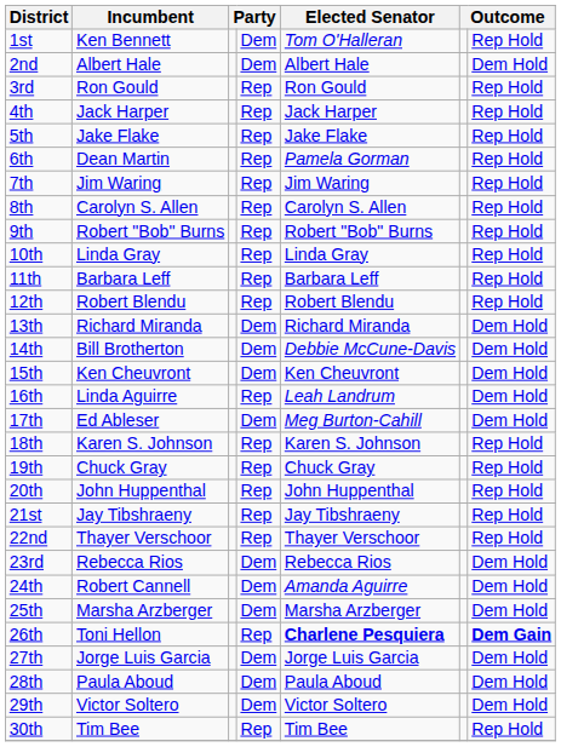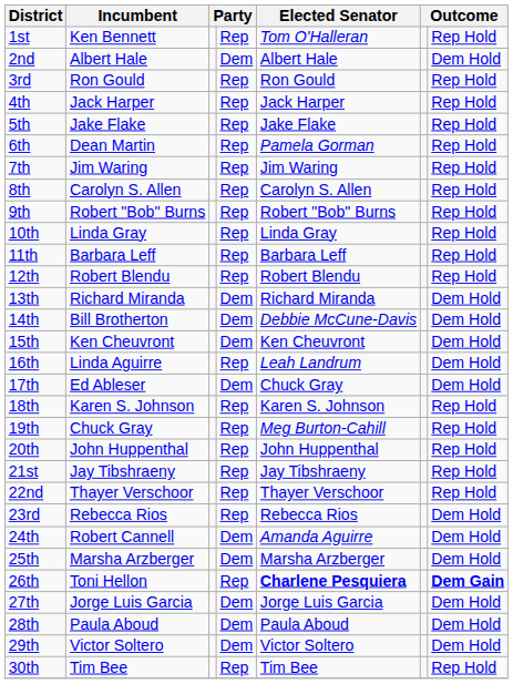 <table class="sortable wikitable" style="font-size:95%;line-height:14px;">
 <tr>
 <th>District</th>
 <th>Incumbent</th>
 <th colspan="2">Party</th>
 <th>Elected Senator</th>
 <th colspan="2">Outcome</th>
 </tr>
 <tr>
 <td><a href='#'>1st</a></td>
 <td><a href='#'>Ken Bennett</a></td>
 <td style="background:"></td>
-<td><a href='#'>Dem</a></td>
+<td><a href='#'>Rep</a></td>
 <td><em><a href='#'>Tom O'Halleran</a></em></td>
 <td style="background:"></td>
 <td><a href='#'>Rep Hold</a></td>
 </tr>
 <tr>
 <td><a href='#'>2nd</a></td>
 <td><a href='#'>Albert Hale</a></td>
 <td style="background:"></td>
 <td><a href='#'>Dem</a></td>
 <td><a href='#'>Albert Hale</a></td>
 <td style="background:"></td>
 <td><a href='#'>Dem Hold</a></td>
 </tr>
 <tr>
 <td><a href='#'>3rd</a></td>
 <td><a href='#'>Ron Gould</a></td>
 <td style="background:"></td>
 <td><a href='#'>Rep</a></td>
 <td><a href='#'>Ron Gould</a></td>
 <td style="background:"></td>
 <td><a href='#'>Rep Hold</a></td>
 </tr>
 <tr>
 <td><a href='#'>4th</a></td>
 <td><a href='#'>Jack Harper</a></td>
 <td style="background:"></td>
 <td><a href='#'>Rep</a></td>
 <td><a href='#'>Jack Harper</a></td>
 <td style="background:"></td>
 <td><a href='#'>Rep Hold</a></td>
 </tr>
 <tr>
 <td><a href='#'>5th</a></td>
 <td><a href='#'>Jake Flake</a></td>
 <td style="background:"></td>
 <td><a href='#'>Rep</a></td>
 <td><a href='#'>Jake Flake</a></td>
 <td style="background:"></td>
 <td><a href='#'>Rep Hold</a></td>
 </tr>
 <tr>
 <td><a href='#'>6th</a></td>
 <td><a href='#'>Dean Martin</a></td>
 <td style="background:"></td>
 <td><a href='#'>Rep</a></td>
 <td><em><a href='#'>Pamela Gorman</a></em></td>
 <td style="background:"></td>
 <td><a href='#'>Rep Hold</a></td>
 </tr>
 <tr>
 <td><a href='#'>7th</a></td>
 <td><a href='#'>Jim Waring</a></td>
 <td style="background:"></td>
 <td><a href='#'>Rep</a></td>
 <td><a href='#'>Jim Waring</a></td>
 <td style="background:"></td>
 <td><a href='#'>Rep Hold</a></td>
 </tr>
 <tr>
 <td><a href='#'>8th</a></td>
 <td><a href='#'>Carolyn S. Allen</a></td>
 <td style="background:"></td>
 <td><a href='#'>Rep</a></td>
 <td><a href='#'>Carolyn S. Allen</a></td>
 <td style="background:"></td>
 <td><a href='#'>Rep Hold</a></td>
 </tr>
 <tr>
 <td><a href='#'>9th</a></td>
 <td><a href='#'>Robert "Bob" Burns</a></td>
 <td style="background:"></td>
 <td><a href='#'>Rep</a></td>
 <td><a href='#'>Robert "Bob" Burns</a></td>
 <td style="background:"></td>
 <td><a href='#'>Rep Hold</a></td>
 </tr>
 <tr>
 <td><a href='#'>10th</a></td>
 <td><a href='#'>Linda Gray</a></td>
 <td style="background:"></td>
 <td><a href='#'>Rep</a></td>
 <td><a href='#'>Linda Gray</a></td>
 <td style="background:"></td>
 <td><a href='#'>Rep Hold</a></td>
 </tr>
 <tr>
 <td><a href='#'>11th</a></td>
 <td><a href='#'>Barbara Leff</a></td>
 <td style="background:"></td>
 <td><a href='#'>Rep</a></td>
 <td><a href='#'>Barbara Leff</a></td>
 <td style="background:"></td>
 <td><a href='#'>Rep Hold</a></td>
 </tr>
 <tr>
 <td><a href='#'>12th</a></td>
 <td><a href='#'>Robert Blendu</a></td>
 <td style="background:"></td>
 <td><a href='#'>Rep</a></td>
 <td><a href='#'>Robert Blendu</a></td>
 <td style="background:"></td>
 <td><a href='#'>Rep Hold</a></td>
 </tr>
 <tr>
 <td><a href='#'>13th</a></td>
 <td><a href='#'>Richard Miranda</a></td>
 <td style="background:"></td>
 <td><a href='#'>Dem</a></td>
 <td><a href='#'>Richard Miranda</a></td>
 <td style="background:"></td>
 <td><a href='#'>Dem Hold</a></td>
 </tr>
 <tr>
 <td><a href='#'>14th</a></td>
 <td><a href='#'>Bill Brotherton</a></td>
 <td style="background:"></td>
 <td><a href='#'>Dem</a></td>
 <td><em><a href='#'>Debbie McCune-Davis</a></em></td>
 <td style="background:"></td>
 <td><a href='#'>Dem Hold</a></td>
 </tr>
 <tr>
 <td><a href='#'>15th</a></td>
 <td><a href='#'>Ken Cheuvront</a></td>
 <td style="background:"></td>
 <td><a href='#'>Dem</a></td>
 <td><a href='#'>Ken Cheuvront</a></td>
 <td style="background:"></td>
 <td><a href='#'>Dem Hold</a></td>
 </tr>
 <tr>
 <td><a href='#'>16th</a></td>
 <td><a href='#'>Linda Aguirre</a></td>
 <td style="background:"></td>
 <td><a href='#'>Rep</a></td>
 <td><em><a href='#'>Leah Landrum</a></em></td>
 <td style="background:"></td>
 <td><a href='#'>Dem Hold</a></td>
 </tr>
 <tr>
 <td><a href='#'>17th</a></td>
 <td><a href='#'>Ed Ableser</a></td>
 <td style="background:"></td>
 <td><a href='#'>Dem</a></td>
-<td><em><a href='#'>Meg Burton-Cahill</a></em></td>
+<td><a href='#'>Chuck Gray</a></td>
 <td style="background:"></td>
 <td><a href='#'>Dem Hold</a></td>
 </tr>
 <tr>
 <td><a href='#'>18th</a></td>
 <td><a href='#'>Karen S. Johnson</a></td>
 <td style="background:"></td>
 <td><a href='#'>Rep</a></td>
 <td><a href='#'>Karen S. Johnson</a></td>
 <td style="background:"></td>
 <td><a href='#'>Rep Hold</a></td>
 </tr>
 <tr>
 <td><a href='#'>19th</a></td>
 <td><a href='#'>Chuck Gray</a></td>
 <td style="background:"></td>
 <td><a href='#'>Rep</a></td>
-<td><a href='#'>Chuck Gray</a></td>
+<td><em><a href='#'>Meg Burton-Cahill</a></em></td>
 <td style="background:"></td>
 <td><a href='#'>Rep Hold</a></td>
 </tr>
 <tr>
 <td><a href='#'>20th</a></td>
 <td><a href='#'>John Huppenthal</a></td>
 <td style="background:"></td>
 <td><a href='#'>Rep</a></td>
 <td><a href='#'>John Huppenthal</a></td>
 <td style="background:"></td>
 <td><a href='#'>Rep Hold</a></td>
 </tr>
 <tr>
 <td><a href='#'>21st</a></td>
 <td><a href='#'>Jay Tibshraeny</a></td>
 <td style="background:"></td>
 <td><a href='#'>Rep</a></td>
 <td><a href='#'>Jay Tibshraeny</a></td>
 <td style="background:"></td>
 <td><a href='#'>Rep Hold</a></td>
 </tr>
 <tr>
 <td><a href='#'>22nd</a></td>
 <td><a href='#'>Thayer Verschoor</a></td>
 <td style="background:"></td>
 <td><a href='#'>Rep</a></td>
 <td><a href='#'>Thayer Verschoor</a></td>
 <td style="background:"></td>
 <td><a href='#'>Rep Hold</a></td>
 </tr>
 <tr>
 <td><a href='#'>23rd</a></td>
 <td><a href='#'>Rebecca Rios</a></td>
 <td style="background:"></td>
-<td><a href='#'>Dem</a></td>
+<td><a href='#'>Rep</a></td>
 <td><a href='#'>Rebecca Rios</a></td>
 <td style="background:"></td>
 <td><a href='#'>Dem Hold</a></td>
 </tr>
 <tr>
 <td><a href='#'>24th</a></td>
 <td><a href='#'>Robert Cannell</a></td>
 <td style="background:"></td>
 <td><a href='#'>Dem</a></td>
 <td><em><a href='#'>Amanda Aguirre</a></em></td>
 <td style="background:"></td>
 <td><a href='#'>Dem Hold</a></td>
 </tr>
 <tr>
 <td><a href='#'>25th</a></td>
 <td><a href='#'>Marsha Arzberger</a></td>
 <td style="background:"></td>
 <td><a href='#'>Dem</a></td>
 <td><a href='#'>Marsha Arzberger</a></td>
 <td style="background:"></td>
 <td><a href='#'>Dem Hold</a></td>
 </tr>
 <tr>
 <td><a href='#'>26th</a></td>
 <td><a href='#'>Toni Hellon</a></td>
 <td style="background:"></td>
 <td><a href='#'>Rep</a></td>
 <td><strong><a href='#'>Charlene Pesquiera</a></strong></td>
 <td style="background:"></td>
 <td><strong><a href='#'>Dem Gain</a></strong></td>
 </tr>
 <tr>
 <td><a href='#'>27th</a></td>
 <td><a href='#'>Jorge Luis Garcia</a></td>
 <td style="background:"></td>
 <td><a href='#'>Dem</a></td>
 <td><a href='#'>Jorge Luis Garcia</a></td>
 <td style="background:"></td>
 <td><a href='#'>Dem Hold</a></td>
 </tr>
 <tr>
 <td><a href='#'>28th</a></td>
 <td><a href='#'>Paula Aboud</a></td>
 <td style="background:"></td>
 <td><a href='#'>Dem</a></td>
 <td><a href='#'>Paula Aboud</a></td>
 <td style="background:"></td>
 <td><a href='#'>Dem Hold</a></td>
 </tr>
 <tr>
 <td><a href='#'>29th</a></td>
 <td><a href='#'>Victor Soltero</a></td>
 <td style="background:"></td>
 <td><a href='#'>Dem</a></td>
 <td><a href='#'>Victor Soltero</a></td>
 <td style="background:"></td>
 <td><a href='#'>Dem Hold</a></td>
 </tr>
 <tr>
 <td><a href='#'>30th</a></td>
 <td><a href='#'>Tim Bee</a></td>
 <td style="background:"></td>
 <td><a href='#'>Rep</a></td>
 <td><a href='#'>Tim Bee</a></td>
 <td style="background:"></td>
 <td><a href='#'>Rep Hold</a></td>
 </tr>
 <tr>
 </tr>
 </table>
